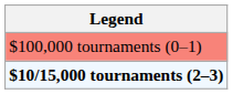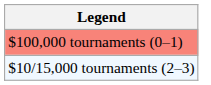 <table class=wikitable style="font-size:85%;">
 <tr>
 <th>Legend</th>
 </tr>
 <tr style="background:#f88379;">
 <td>$100,000 tournaments (0–1)</td>
 </tr>
 <tr style="background:#f0f8ff;">
-<td><strong>$10/15,000 tournaments (2–3)</strong></td>
+<td>$10/15,000 tournaments (2–3)</td>
 </tr>
 </table>
